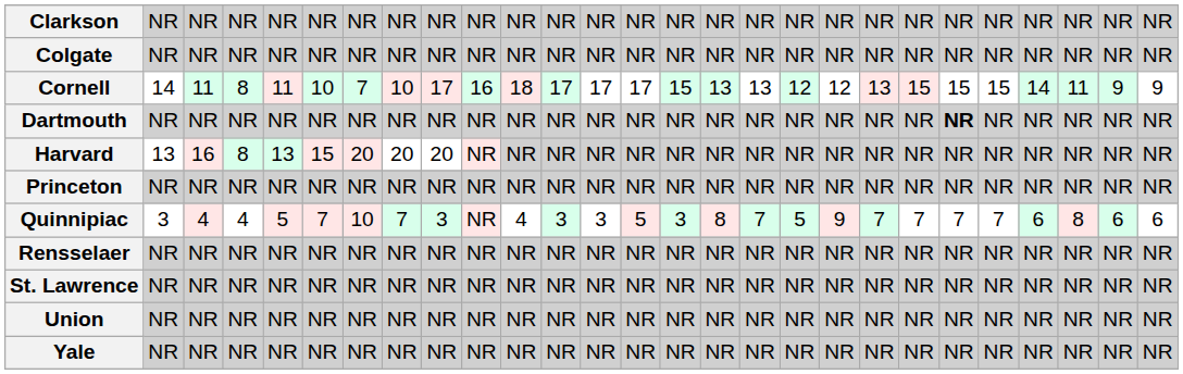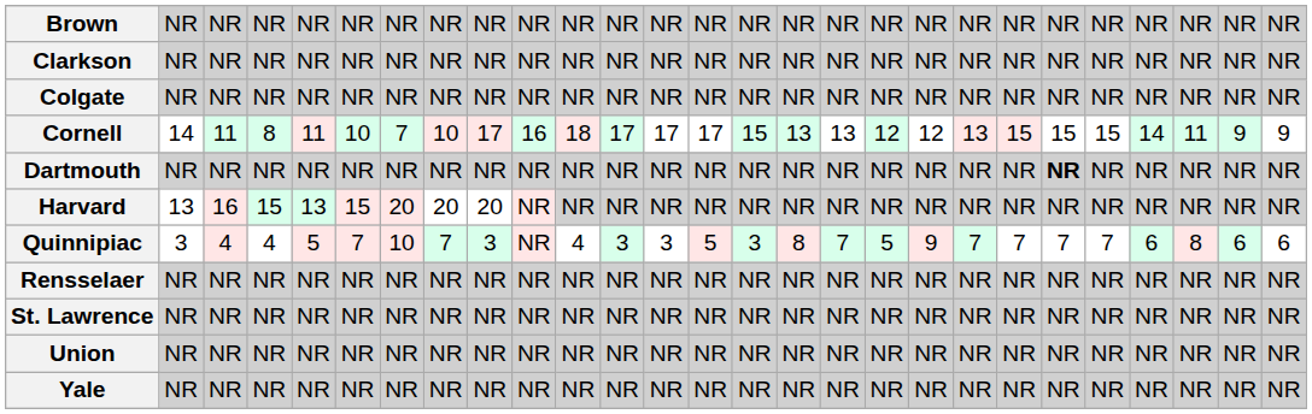 <table class="wikitable sortable" style="text-align: center;">
 <tr>
+</tr>
+<tr bgcolor=d0d0d0>
+<th>Brown</th>
+<td>NR</td>
+<td>NR</td>
+<td>NR</td>
+<td>NR</td>
+<td>NR</td>
+<td>NR</td>
+<td>NR</td>
+<td>NR</td>
+<td>NR</td>
+<td>NR</td>
+<td>NR</td>
+<td>NR</td>
+<td>NR</td>
+<td>NR</td>
+<td>NR</td>
+<td>NR</td>
+<td>NR</td>
+<td>NR</td>
+<td>NR</td>
+<td>NR</td>
+<td>NR</td>
+<td>NR</td>
+<td>NR</td>
+<td>NR</td>
+<td>NR</td>
+<td>NR</td>
 </tr>
 <tr bgcolor=d0d0d0>
 <th>Clarkson</th>
 <td>NR</td>
 <td>NR</td>
 <td>NR</td>
 <td>NR</td>
 <td>NR</td>
 <td>NR</td>
 <td>NR</td>
 <td>NR</td>
 <td>NR</td>
 <td>NR</td>
 <td>NR</td>
 <td>NR</td>
 <td>NR</td>
 <td>NR</td>
 <td>NR</td>
 <td>NR</td>
 <td>NR</td>
 <td>NR</td>
 <td>NR</td>
 <td>NR</td>
 <td>NR</td>
 <td>NR</td>
 <td>NR</td>
 <td>NR</td>
 <td>NR</td>
 <td>NR</td>
 </tr>
 <tr bgcolor=d0d0d0>
 <th>Colgate</th>
 <td>NR</td>
 <td>NR</td>
 <td>NR</td>
 <td>NR</td>
 <td>NR</td>
 <td>NR</td>
 <td>NR</td>
 <td>NR</td>
 <td>NR</td>
 <td>NR</td>
 <td>NR</td>
 <td>NR</td>
 <td>NR</td>
 <td>NR</td>
 <td>NR</td>
 <td>NR</td>
 <td>NR</td>
 <td>NR</td>
 <td>NR</td>
 <td>NR</td>
 <td>NR</td>
 <td>NR</td>
 <td>NR</td>
 <td>NR</td>
 <td>NR</td>
 <td>NR</td>
 </tr>
 <tr bgcolor=d0d0d0>
 <th>Cornell</th>
 <td bgcolor=ffffff>14</td>
 <td bgcolor=D8FFEB>11</td>
 <td bgcolor=D8FFEB>8</td>
 <td bgcolor=FFE6E6>11</td>
 <td bgcolor=D8FFEB>10</td>
 <td bgcolor=D8FFEB>7</td>
 <td bgcolor=FFE6E6>10</td>
 <td bgcolor=FFE6E6>17</td>
 <td bgcolor=D8FFEB>16</td>
 <td bgcolor=FFE6E6>18</td>
 <td bgcolor=D8FFEB>17</td>
 <td bgcolor=ffffff>17</td>
 <td bgcolor=ffffff>17</td>
 <td bgcolor=D8FFEB>15</td>
 <td bgcolor=D8FFEB>13</td>
 <td bgcolor=ffffff>13</td>
 <td bgcolor=D8FFEB>12</td>
 <td bgcolor=ffffff>12</td>
 <td bgcolor=FFE6E6>13</td>
 <td bgcolor=FFE6E6>15</td>
 <td bgcolor=ffffff>15</td>
 <td bgcolor=ffffff>15</td>
 <td bgcolor=D8FFEB>14</td>
 <td bgcolor=D8FFEB>11</td>
 <td bgcolor=D8FFEB>9</td>
 <td bgcolor=ffffff>9</td>
 </tr>
 <tr bgcolor=d0d0d0>
 <th>Dartmouth</th>
 <td>NR</td>
 <td>NR</td>
 <td>NR</td>
 <td>NR</td>
 <td>NR</td>
 <td>NR</td>
 <td>NR</td>
 <td>NR</td>
 <td>NR</td>
 <td>NR</td>
 <td>NR</td>
 <td>NR</td>
 <td>NR</td>
 <td>NR</td>
 <td>NR</td>
 <td>NR</td>
 <td>NR</td>
 <td>NR</td>
 <td>NR</td>
 <td>NR</td>
 <td><strong>NR</strong></td>
 <td>NR</td>
 <td>NR</td>
 <td>NR</td>
 <td>NR</td>
 <td>NR</td>
 </tr>
 <tr bgcolor=d0d0d0>
 <th>Harvard</th>
 <td bgcolor=ffffff>13</td>
 <td bgcolor=FFE6E6>16</td>
-<td bgcolor=D8FFEB>8</td>
+<td bgcolor=D8FFEB>15</td>
 <td bgcolor=D8FFEB>13</td>
 <td bgcolor=FFE6E6>15</td>
 <td bgcolor=FFE6E6>20</td>
 <td bgcolor=ffffff>20</td>
 <td bgcolor=ffffff>20</td>
 <td bgcolor=FFE6E6>NR</td>
-<td>NR</td>
-<td>NR</td>
-<td>NR</td>
-<td>NR</td>
-<td>NR</td>
-<td>NR</td>
-<td>NR</td>
-<td>NR</td>
-<td>NR</td>
-<td>NR</td>
-<td>NR</td>
-<td>NR</td>
-<td>NR</td>
-<td>NR</td>
-<td>NR</td>
-<td>NR</td>
-<td>NR</td>
-</tr>
-<tr bgcolor=d0d0d0>
-<th>Princeton</th>
-<td>NR</td>
-<td>NR</td>
-<td>NR</td>
-<td>NR</td>
-<td>NR</td>
-<td>NR</td>
-<td>NR</td>
-<td>NR</td>
-<td>NR</td>
 <td>NR</td>
 <td>NR</td>
 <td>NR</td>
 <td>NR</td>
 <td>NR</td>
 <td>NR</td>
 <td>NR</td>
 <td>NR</td>
 <td>NR</td>
 <td>NR</td>
 <td>NR</td>
 <td>NR</td>
 <td>NR</td>
 <td>NR</td>
 <td>NR</td>
 <td>NR</td>
 <td>NR</td>
 </tr>
 <tr bgcolor=d0d0d0>
 <th>Quinnipiac</th>
 <td bgcolor=ffffff>3</td>
 <td bgcolor=FFE6E6>4</td>
 <td bgcolor=ffffff>4</td>
 <td bgcolor=FFE6E6>5</td>
 <td bgcolor=FFE6E6>7</td>
 <td bgcolor=FFE6E6>10</td>
 <td bgcolor=D8FFEB>7</td>
 <td bgcolor=D8FFEB>3</td>
 <td bgcolor=FFE6E6>NR</td>
 <td bgcolor=ffffff>4</td>
 <td bgcolor=D8FFEB>3</td>
 <td bgcolor=ffffff>3</td>
 <td bgcolor=FFE6E6>5</td>
 <td bgcolor=D8FFEB>3</td>
 <td bgcolor=FFE6E6>8</td>
 <td bgcolor=D8FFEB>7</td>
 <td bgcolor=D8FFEB>5</td>
 <td bgcolor=FFE6E6>9</td>
 <td bgcolor=D8FFEB>7</td>
 <td bgcolor=ffffff>7</td>
 <td bgcolor=ffffff>7</td>
 <td bgcolor=ffffff>7</td>
 <td bgcolor=D8FFEB>6</td>
 <td bgcolor=FFE6E6>8</td>
 <td bgcolor=D8FFEB>6</td>
 <td bgcolor=ffffff>6</td>
 </tr>
 <tr bgcolor=d0d0d0>
 <th>Rensselaer</th>
 <td>NR</td>
 <td>NR</td>
 <td>NR</td>
 <td>NR</td>
 <td>NR</td>
 <td>NR</td>
 <td>NR</td>
 <td>NR</td>
 <td>NR</td>
 <td>NR</td>
 <td>NR</td>
 <td>NR</td>
 <td>NR</td>
 <td>NR</td>
 <td>NR</td>
 <td>NR</td>
 <td>NR</td>
 <td>NR</td>
 <td>NR</td>
 <td>NR</td>
 <td>NR</td>
 <td>NR</td>
 <td>NR</td>
 <td>NR</td>
 <td>NR</td>
 <td>NR</td>
 </tr>
 <tr bgcolor=d0d0d0>
 <th>St. Lawrence</th>
 <td>NR</td>
 <td>NR</td>
 <td>NR</td>
 <td>NR</td>
 <td>NR</td>
 <td>NR</td>
 <td>NR</td>
 <td>NR</td>
 <td>NR</td>
 <td>NR</td>
 <td>NR</td>
 <td>NR</td>
 <td>NR</td>
 <td>NR</td>
 <td>NR</td>
 <td>NR</td>
 <td>NR</td>
 <td>NR</td>
 <td>NR</td>
 <td>NR</td>
 <td>NR</td>
 <td>NR</td>
 <td>NR</td>
 <td>NR</td>
 <td>NR</td>
 <td>NR</td>
 </tr>
 <tr bgcolor=d0d0d0>
 <th>Union</th>
 <td>NR</td>
 <td>NR</td>
 <td>NR</td>
 <td>NR</td>
 <td>NR</td>
 <td>NR</td>
 <td>NR</td>
 <td>NR</td>
 <td>NR</td>
 <td>NR</td>
 <td>NR</td>
 <td>NR</td>
 <td>NR</td>
 <td>NR</td>
 <td>NR</td>
 <td>NR</td>
 <td>NR</td>
 <td>NR</td>
 <td>NR</td>
 <td>NR</td>
 <td>NR</td>
 <td>NR</td>
 <td>NR</td>
 <td>NR</td>
 <td>NR</td>
 <td>NR</td>
 </tr>
 <tr bgcolor=d0d0d0>
 <th>Yale</th>
 <td>NR</td>
 <td>NR</td>
 <td>NR</td>
 <td>NR</td>
 <td>NR</td>
 <td>NR</td>
 <td>NR</td>
 <td>NR</td>
 <td>NR</td>
 <td>NR</td>
 <td>NR</td>
 <td>NR</td>
 <td>NR</td>
 <td>NR</td>
 <td>NR</td>
 <td>NR</td>
 <td>NR</td>
 <td>NR</td>
 <td>NR</td>
 <td>NR</td>
 <td>NR</td>
 <td>NR</td>
 <td>NR</td>
 <td>NR</td>
 <td>NR</td>
 <td>NR</td>
 </tr>
 <tr>
 </tr>
 </table>
